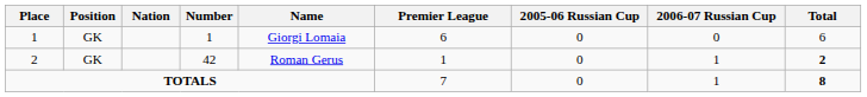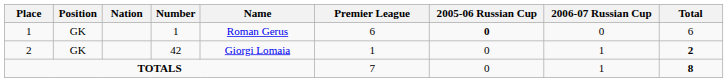 <table class="wikitable" style="font-size: 95%; text-align: center;">
 <tr>
 <th width=60>Place</th>
 <th width=60>Position</th>
 <th width=60>Nation</th>
 <th width=60>Number</th>
 <th width=150>Name</th>
 <th width=150>Premier League</th>
 <th width=150>2005-06 Russian Cup</th>
 <th width=150>2006-07 Russian Cup</th>
 <th width=80>Total</th>
 </tr>
 <tr>
 <td>1</td>
 <td>GK</td>
 <td></td>
 <td>1</td>
-<td><a href='#'>Giorgi Lomaia</a></td>
+<td><a href='#'>Roman Gerus</a></td>
 <td>6</td>
-<td>0</td>
+<td><strong>0</strong></td>
 <td>0</td>
 <td>6</td>
 </tr>
 <tr>
 <td>2</td>
 <td>GK</td>
 <td></td>
 <td>42</td>
-<td><a href='#'>Roman Gerus</a></td>
+<td><a href='#'>Giorgi Lomaia</a></td>
 <td>1</td>
 <td>0</td>
 <td>1</td>
 <td><strong>2</strong></td>
 </tr>
 <tr>
 <td colspan="5"><strong>TOTALS</strong></td>
 <td>7</td>
 <td>0</td>
 <td>1</td>
 <td><strong>8</strong></td>
 </tr>
 </table>
